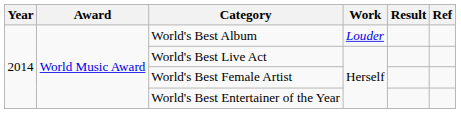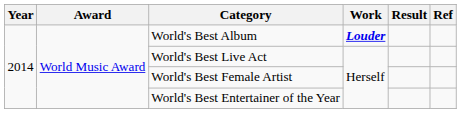 <table class="wikitable">
 <tr>
 <th>Year</th>
 <th>Award</th>
 <th>Category</th>
 <th>Work</th>
 <th>Result</th>
 <th>Ref</th>
 </tr>
 <tr>
 <td rowspan="4">2014</td>
 <td rowspan="4"><a href='#'>World Music Award</a></td>
 <td>World's Best Album</td>
-<td><em><a href='#'>Louder</a></em></td>
+<td><strong><em><a href='#'>Louder</a></em></strong></td>
 <td></td>
 <td></td>
 </tr>
 <tr>
 <td>World's Best Live Act</td>
 <td rowspan="3">Herself</td>
 <td></td>
 <td></td>
 </tr>
 <tr>
 <td>World's Best Female Artist</td>
 <td></td>
 <td></td>
 </tr>
 <tr>
 <td>World's Best Entertainer of the Year</td>
 <td></td>
 <td></td>
 </tr>
 </table>
